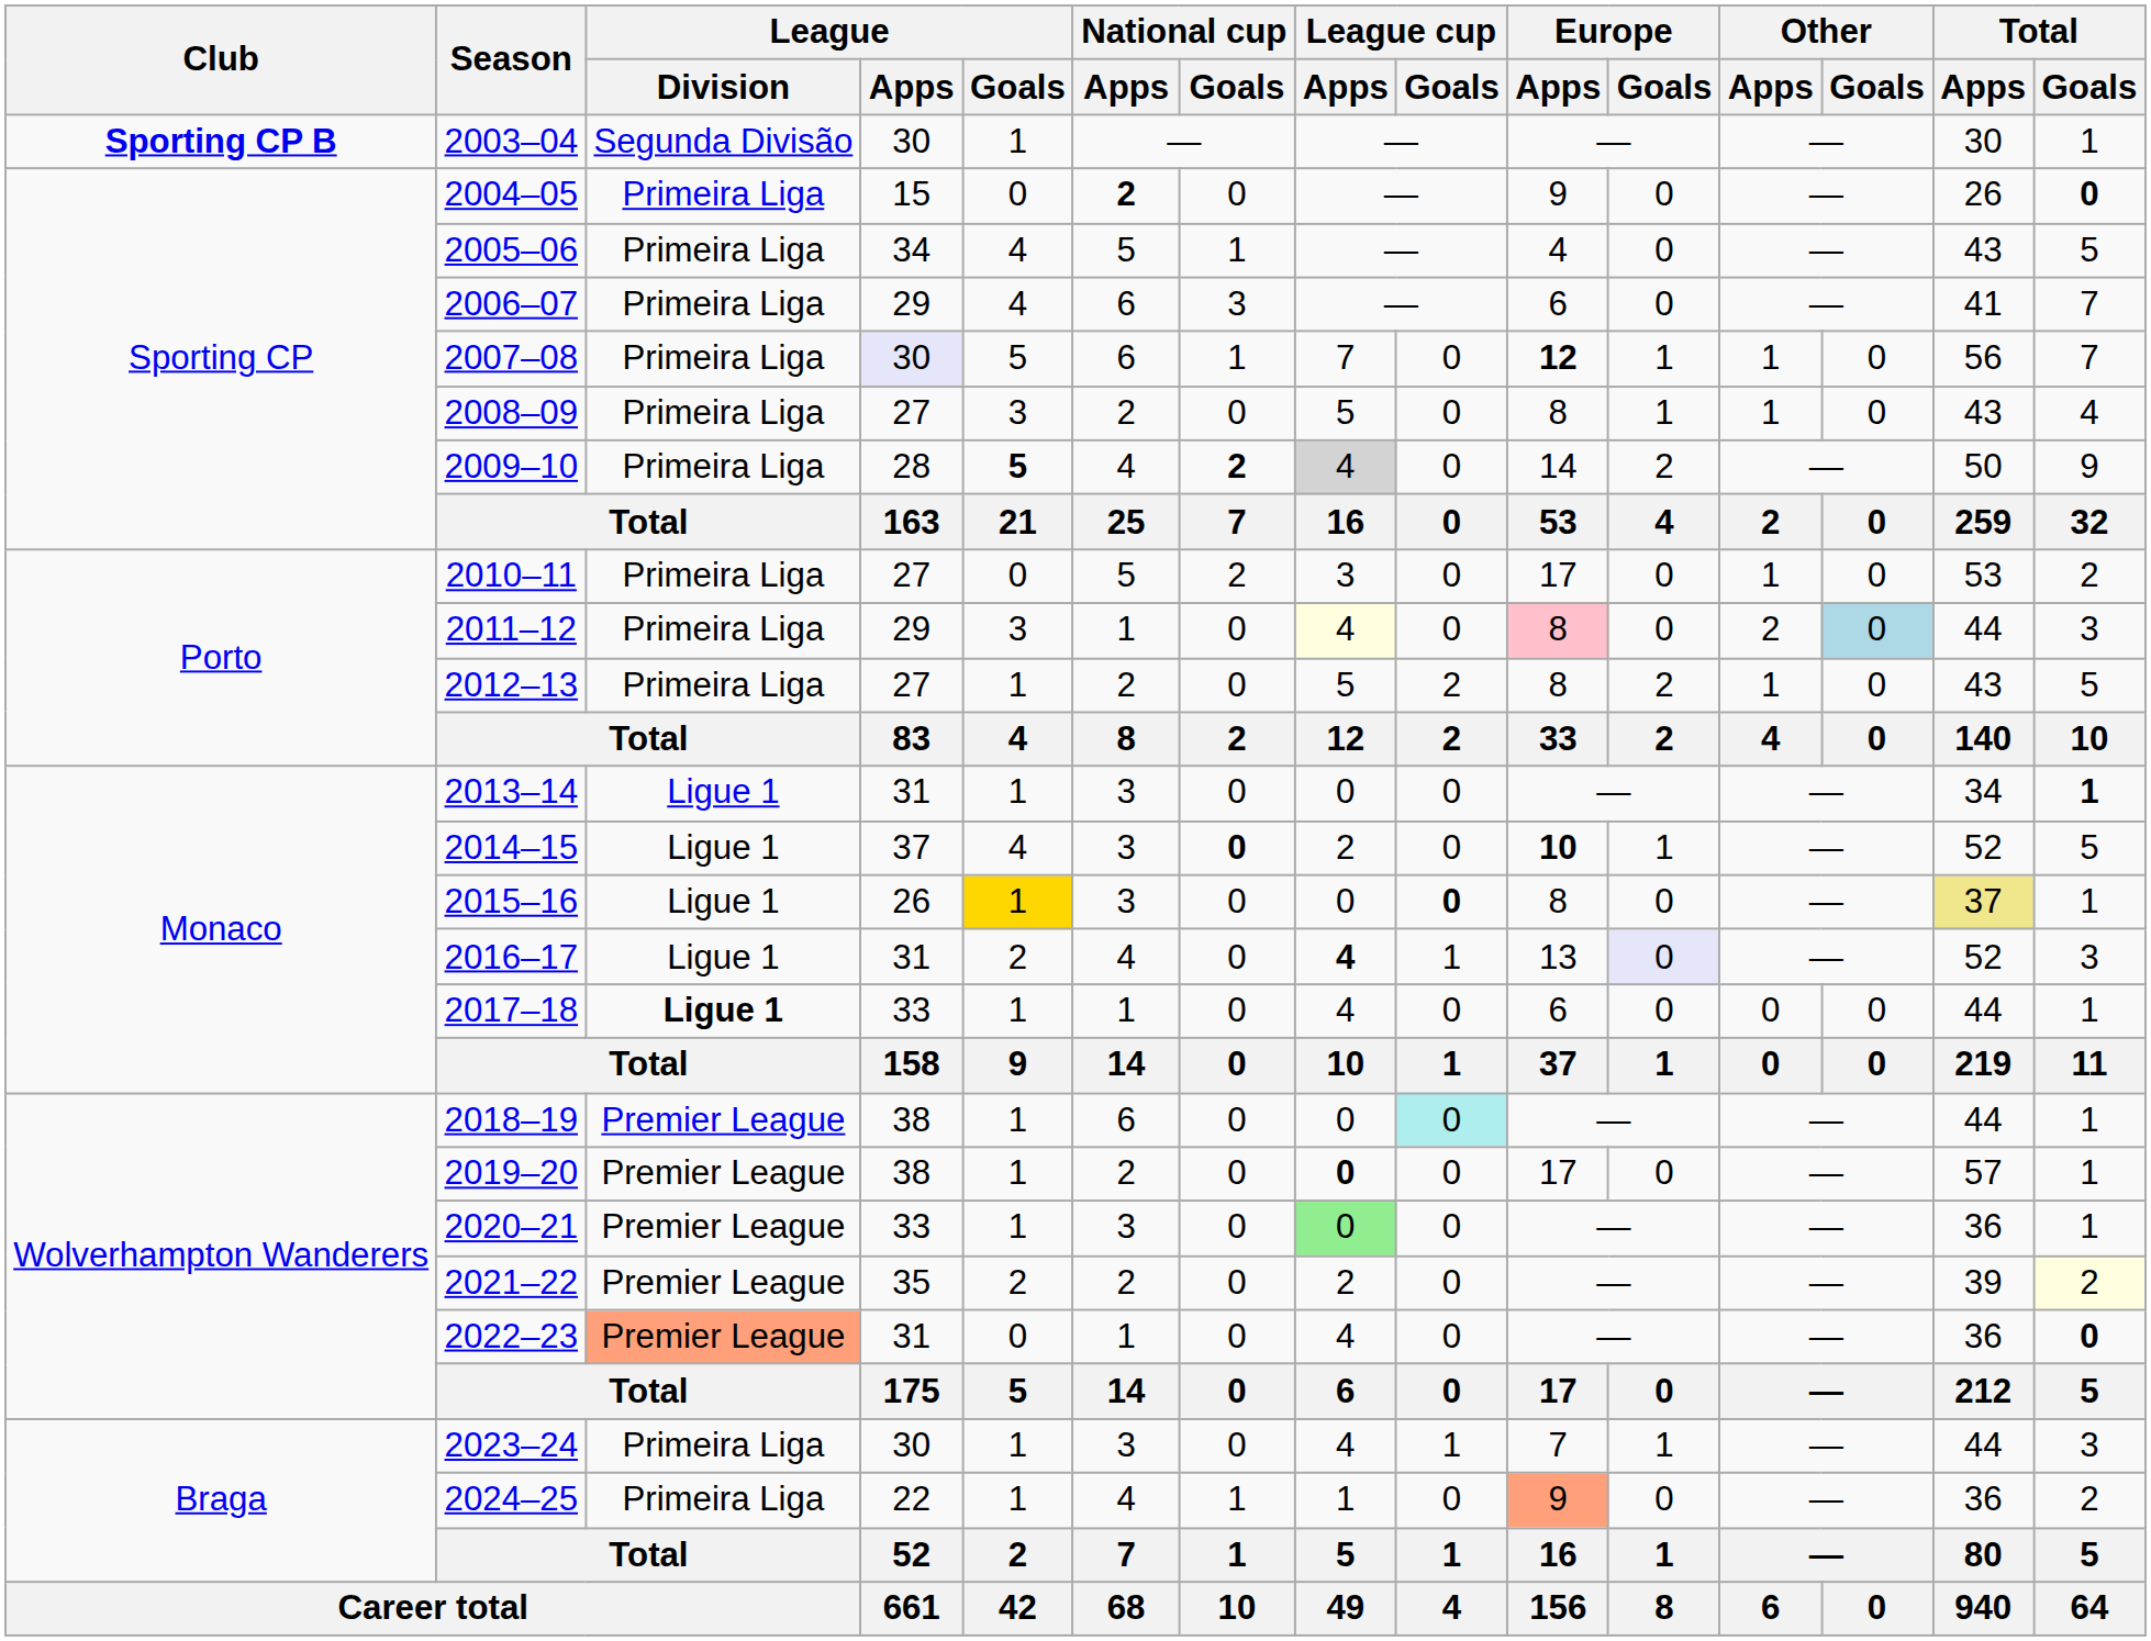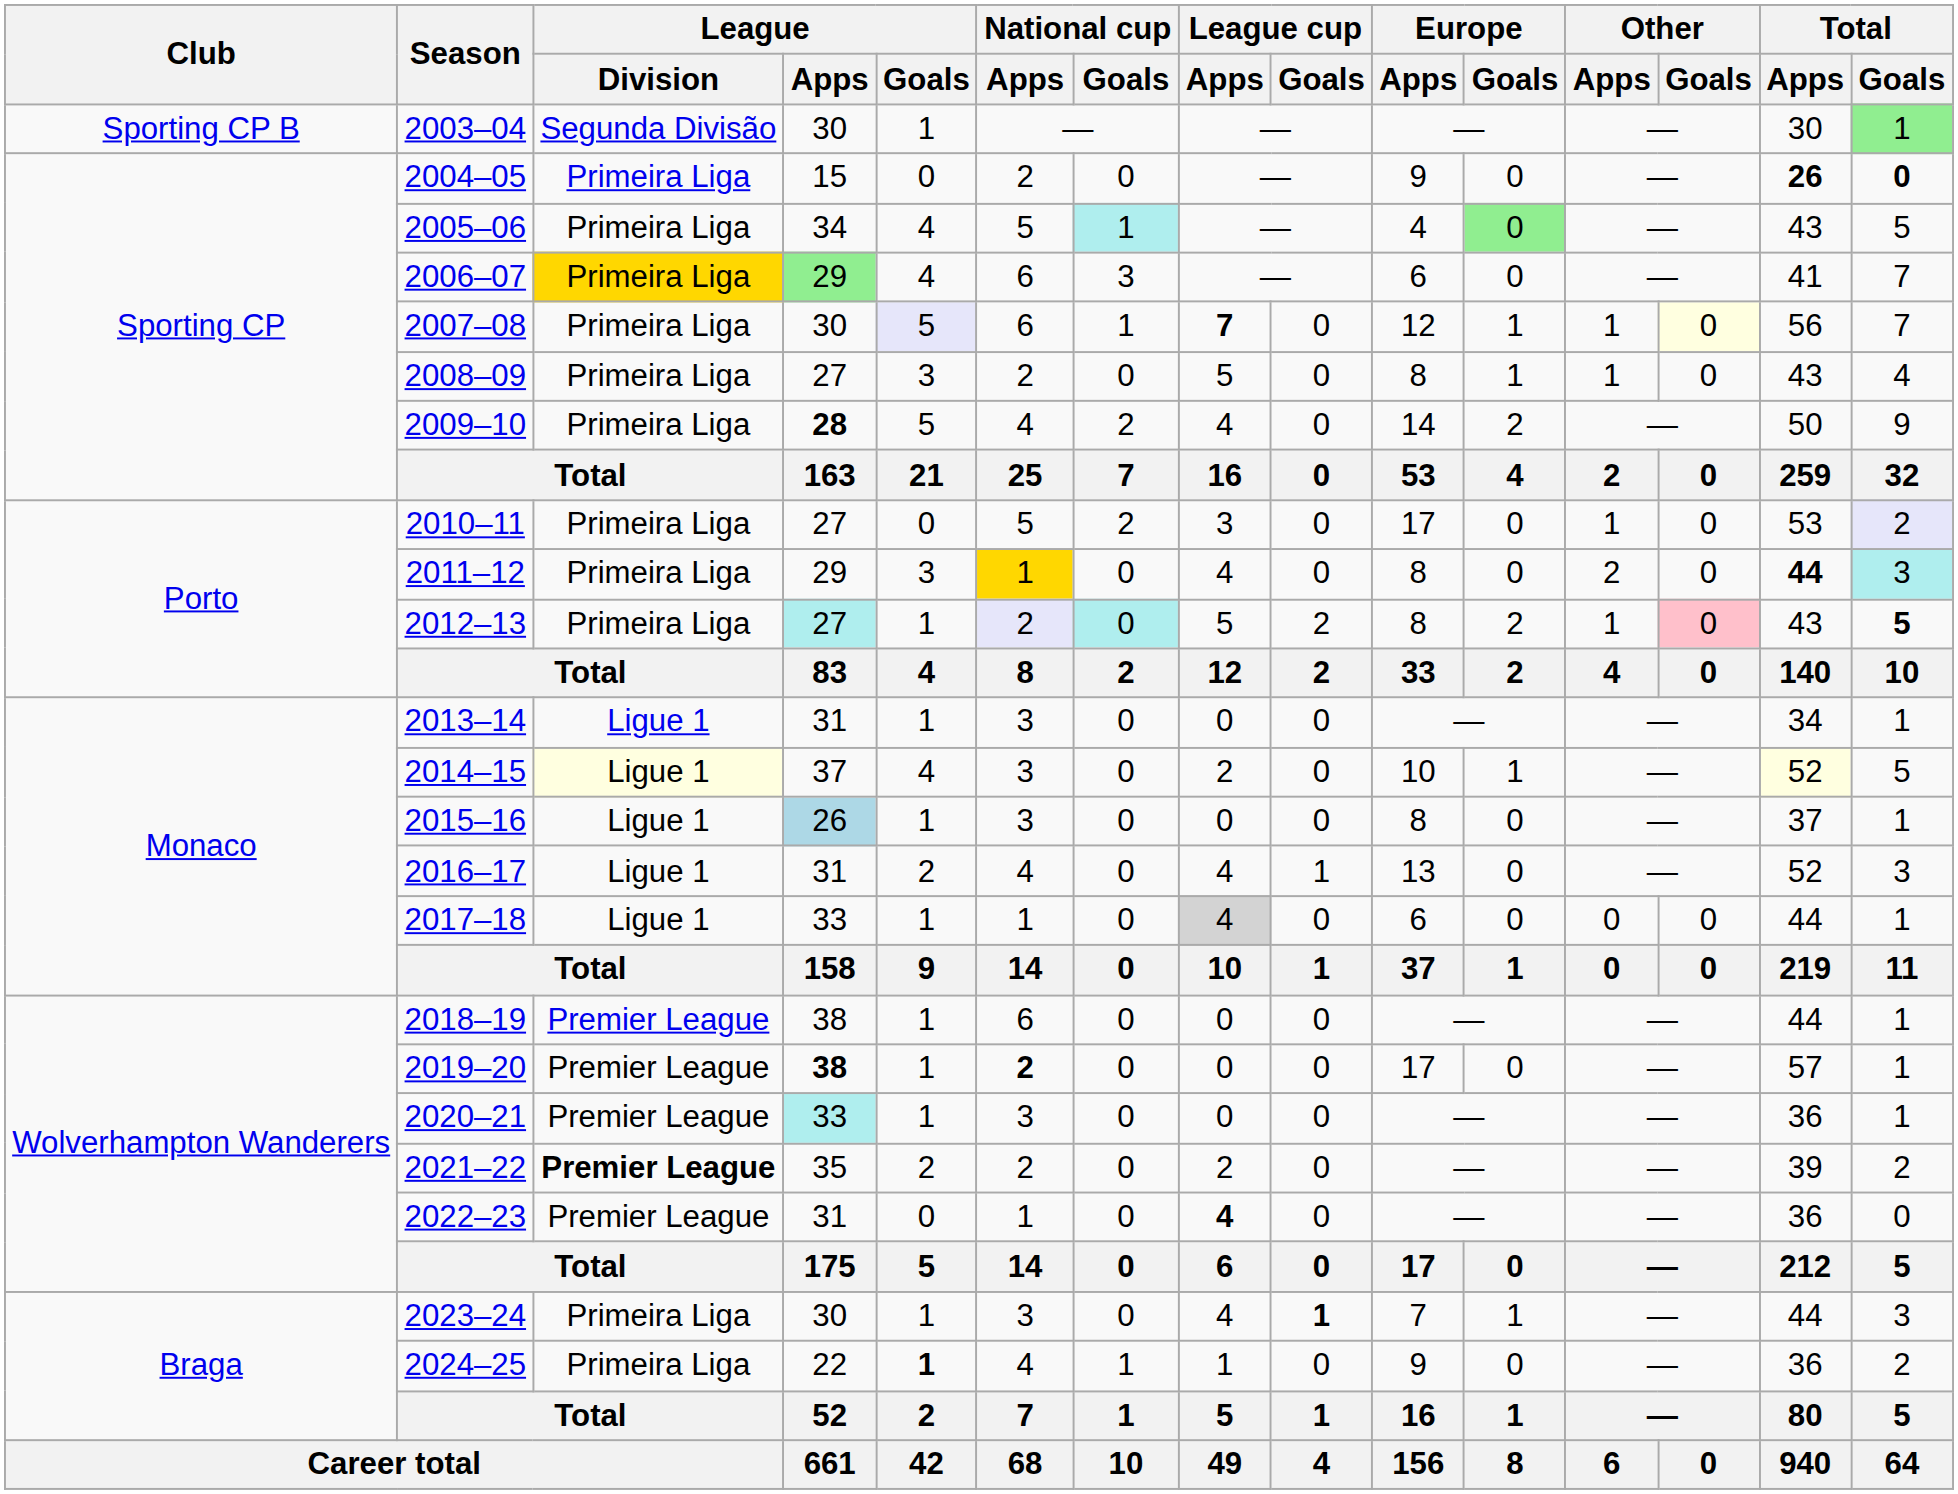 <table class="wikitable" style="text-align:center">
 <tr>
 <th rowspan="2">Club</th>
 <th rowspan="2">Season</th>
 <th colspan="3">League</th>
 <th colspan="2">National cup</th>
 <th colspan="2">League cup</th>
 <th colspan="2">Europe</th>
 <th colspan="2">Other</th>
 <th colspan="2">Total</th>
 </tr>
 <tr>
 <th>Division</th>
 <th>Apps</th>
 <th>Goals</th>
 <th>Apps</th>
 <th>Goals</th>
 <th>Apps</th>
 <th>Goals</th>
 <th>Apps</th>
 <th>Goals</th>
 <th>Apps</th>
 <th>Goals</th>
 <th>Apps</th>
 <th>Goals</th>
 </tr>
 <tr>
-<td><strong><a href='#'>Sporting CP B</a></strong></td>
+<td><a href='#'>Sporting CP B</a></td>
 <td><a href='#'>2003–04</a></td>
 <td><a href='#'>Segunda Divisão</a></td>
 <td>30</td>
 <td>1</td>
 <td colspan="2">—</td>
 <td colspan="2">—</td>
 <td colspan="2">—</td>
 <td colspan="2">—</td>
 <td>30</td>
-<td>1</td>
+<td style="background: lightgreen;">1</td>
 </tr>
 <tr>
 <td rowspan="7" valign="center"><a href='#'>Sporting CP</a></td>
 <td><a href='#'>2004–05</a></td>
 <td><a href='#'>Primeira Liga</a></td>
 <td>15</td>
 <td>0</td>
-<td><strong>2</strong></td>
+<td>2</td>
 <td>0</td>
 <td colspan="2">—</td>
 <td>9</td>
 <td>0</td>
 <td colspan="2">—</td>
-<td>26</td>
+<td><strong>26</strong></td>
 <td><strong>0</strong></td>
 </tr>
 <tr>
 <td><a href='#'>2005–06</a></td>
 <td>Primeira Liga</td>
 <td>34</td>
 <td>4</td>
 <td>5</td>
-<td>1</td>
+<td style="background: paleturquoise;">1</td>
 <td colspan="2">—</td>
 <td>4</td>
-<td>0</td>
+<td style="background: lightgreen;">0</td>
 <td colspan="2">—</td>
 <td>43</td>
 <td>5</td>
 </tr>
 <tr>
 <td><a href='#'>2006–07</a></td>
-<td>Primeira Liga</td>
-<td>29</td>
+<td style="background: gold;">Primeira Liga</td>
+<td style="background: lightgreen;">29</td>
 <td>4</td>
 <td>6</td>
 <td>3</td>
 <td colspan="2">—</td>
 <td>6</td>
 <td>0</td>
 <td colspan="2">—</td>
 <td>41</td>
 <td>7</td>
 </tr>
 <tr>
 <td><a href='#'>2007–08</a></td>
 <td>Primeira Liga</td>
-<td style="background: lavender;">30</td>
-<td>5</td>
+<td>30</td>
+<td style="background: lavender;">5</td>
 <td>6</td>
 <td>1</td>
-<td>7</td>
+<td><strong>7</strong></td>
 <td>0</td>
-<td><strong>12</strong></td>
+<td>12</td>
 <td>1</td>
 <td>1</td>
-<td>0</td>
+<td style="background: lightyellow;">0</td>
 <td>56</td>
 <td>7</td>
 </tr>
 <tr>
 <td><a href='#'>2008–09</a></td>
 <td>Primeira Liga</td>
 <td>27</td>
 <td>3</td>
 <td>2</td>
 <td>0</td>
 <td>5</td>
 <td>0</td>
 <td>8</td>
 <td>1</td>
 <td>1</td>
 <td>0</td>
 <td>43</td>
 <td>4</td>
 </tr>
 <tr>
 <td><a href='#'>2009–10</a></td>
 <td>Primeira Liga</td>
-<td>28</td>
-<td><strong>5</strong></td>
+<td><strong>28</strong></td>
+<td>5</td>
 <td>4</td>
-<td><strong>2</strong></td>
-<td style="background: lightgrey;">4</td>
+<td>2</td>
+<td>4</td>
 <td>0</td>
 <td>14</td>
 <td>2</td>
 <td colspan="2">—</td>
 <td>50</td>
 <td>9</td>
 </tr>
 <tr>
 <th colspan="2">Total</th>
 <th>163</th>
 <th>21</th>
 <th>25</th>
 <th>7</th>
 <th>16</th>
 <th>0</th>
 <th>53</th>
 <th>4</th>
 <th>2</th>
 <th>0</th>
 <th>259</th>
 <th>32</th>
 </tr>
 <tr>
 <td rowspan="4" valign="center"><a href='#'>Porto</a></td>
 <td><a href='#'>2010–11</a></td>
 <td>Primeira Liga</td>
 <td>27</td>
 <td>0</td>
 <td>5</td>
 <td>2</td>
 <td>3</td>
 <td>0</td>
 <td>17</td>
 <td>0</td>
 <td>1</td>
 <td>0</td>
 <td>53</td>
-<td>2</td>
+<td style="background: lavender;">2</td>
 </tr>
 <tr>
 <td><a href='#'>2011–12</a></td>
 <td>Primeira Liga</td>
 <td>29</td>
 <td>3</td>
-<td>1</td>
+<td style="background: gold;">1</td>
 <td>0</td>
-<td style="background: lightyellow;">4</td>
+<td>4</td>
 <td>0</td>
-<td style="background: pink;">8</td>
+<td>8</td>
 <td>0</td>
 <td>2</td>
-<td style="background: lightblue;">0</td>
-<td>44</td>
-<td>3</td>
+<td>0</td>
+<td><strong>44</strong></td>
+<td style="background: paleturquoise;">3</td>
 </tr>
 <tr>
 <td><a href='#'>2012–13</a></td>
 <td>Primeira Liga</td>
-<td>27</td>
+<td style="background: paleturquoise;">27</td>
 <td>1</td>
-<td>2</td>
-<td>0</td>
+<td style="background: lavender;">2</td>
+<td style="background: paleturquoise;">0</td>
 <td>5</td>
 <td>2</td>
 <td>8</td>
 <td>2</td>
 <td>1</td>
-<td>0</td>
+<td style="background: pink;">0</td>
 <td>43</td>
-<td>5</td>
+<td><strong>5</strong></td>
 </tr>
 <tr>
 <th colspan="2">Total</th>
 <th>83</th>
 <th>4</th>
 <th>8</th>
 <th>2</th>
 <th>12</th>
 <th>2</th>
 <th>33</th>
 <th>2</th>
 <th>4</th>
 <th>0</th>
 <th>140</th>
 <th>10</th>
 </tr>
 <tr>
 <td rowspan="6" valign="center"><a href='#'>Monaco</a></td>
 <td><a href='#'>2013–14</a></td>
 <td><a href='#'>Ligue 1</a></td>
 <td>31</td>
 <td>1</td>
 <td>3</td>
 <td>0</td>
 <td>0</td>
 <td>0</td>
 <td colspan="2">—</td>
 <td colspan="2">—</td>
 <td>34</td>
-<td><strong>1</strong></td>
+<td>1</td>
 </tr>
 <tr>
 <td><a href='#'>2014–15</a></td>
-<td>Ligue 1</td>
+<td style="background: lightyellow;">Ligue 1</td>
 <td>37</td>
 <td>4</td>
 <td>3</td>
-<td><strong>0</strong></td>
+<td>0</td>
 <td>2</td>
 <td>0</td>
-<td><strong>10</strong></td>
+<td>10</td>
 <td>1</td>
 <td colspan="2">—</td>
-<td>52</td>
+<td style="background: lightyellow;">52</td>
 <td>5</td>
 </tr>
 <tr>
 <td><a href='#'>2015–16</a></td>
 <td>Ligue 1</td>
-<td>26</td>
-<td style="background: gold;">1</td>
+<td style="background: lightblue;">26</td>
+<td>1</td>
 <td>3</td>
 <td>0</td>
 <td>0</td>
-<td><strong>0</strong></td>
+<td>0</td>
 <td>8</td>
 <td>0</td>
 <td colspan="2">—</td>
-<td style="background: khaki;">37</td>
+<td>37</td>
 <td>1</td>
 </tr>
 <tr>
 <td><a href='#'>2016–17</a></td>
 <td>Ligue 1</td>
 <td>31</td>
 <td>2</td>
 <td>4</td>
 <td>0</td>
-<td><strong>4</strong></td>
+<td>4</td>
 <td>1</td>
 <td>13</td>
-<td style="background: lavender;">0</td>
+<td>0</td>
 <td colspan="2">—</td>
 <td>52</td>
 <td>3</td>
 </tr>
 <tr>
 <td><a href='#'>2017–18</a></td>
-<td><strong>Ligue 1</strong></td>
+<td>Ligue 1</td>
 <td>33</td>
 <td>1</td>
 <td>1</td>
 <td>0</td>
-<td>4</td>
+<td style="background: lightgrey;">4</td>
 <td>0</td>
 <td>6</td>
 <td>0</td>
 <td>0</td>
 <td>0</td>
 <td>44</td>
 <td>1</td>
 </tr>
 <tr>
 <th colspan="2">Total</th>
 <th>158</th>
 <th>9</th>
 <th>14</th>
 <th>0</th>
 <th>10</th>
 <th>1</th>
 <th>37</th>
 <th>1</th>
 <th>0</th>
 <th>0</th>
 <th>219</th>
 <th>11</th>
 </tr>
 <tr>
 <td rowspan="6" valign="center"><a href='#'>Wolverhampton Wanderers</a></td>
 <td><a href='#'>2018–19</a></td>
 <td><a href='#'>Premier League</a></td>
 <td>38</td>
 <td>1</td>
 <td>6</td>
 <td>0</td>
 <td>0</td>
-<td style="background: paleturquoise;">0</td>
+<td>0</td>
 <td colspan="2">—</td>
 <td colspan="2">—</td>
 <td>44</td>
 <td>1</td>
 </tr>
 <tr>
 <td><a href='#'>2019–20</a></td>
 <td>Premier League</td>
-<td>38</td>
+<td><strong>38</strong></td>
 <td>1</td>
-<td>2</td>
+<td><strong>2</strong></td>
 <td>0</td>
-<td><strong>0</strong></td>
+<td>0</td>
 <td>0</td>
 <td>17</td>
 <td>0</td>
 <td colspan="2">—</td>
 <td>57</td>
 <td>1</td>
 </tr>
 <tr>
 <td><a href='#'>2020–21</a></td>
 <td>Premier League</td>
-<td>33</td>
+<td style="background: paleturquoise;">33</td>
 <td>1</td>
 <td>3</td>
 <td>0</td>
-<td style="background: lightgreen;">0</td>
+<td>0</td>
 <td>0</td>
 <td colspan="2">—</td>
 <td colspan="2">—</td>
 <td>36</td>
 <td>1</td>
 </tr>
 <tr>
 <td><a href='#'>2021–22</a></td>
-<td>Premier League</td>
+<td><strong>Premier League</strong></td>
 <td>35</td>
 <td>2</td>
 <td>2</td>
 <td>0</td>
 <td>2</td>
 <td>0</td>
 <td colspan="2">—</td>
 <td colspan="2">—</td>
 <td>39</td>
-<td style="background: lightyellow;">2</td>
+<td>2</td>
 </tr>
 <tr>
 <td><a href='#'>2022–23</a></td>
-<td style="background: lightsalmon;">Premier League</td>
+<td>Premier League</td>
 <td>31</td>
 <td>0</td>
 <td>1</td>
 <td>0</td>
-<td>4</td>
+<td><strong>4</strong></td>
 <td>0</td>
 <td colspan="2">—</td>
 <td colspan="2">—</td>
 <td>36</td>
-<td><strong>0</strong></td>
+<td>0</td>
 </tr>
 <tr>
 <th colspan="2">Total</th>
 <th>175</th>
 <th>5</th>
 <th>14</th>
 <th>0</th>
 <th>6</th>
 <th>0</th>
 <th>17</th>
 <th>0</th>
 <th colspan="2">—</th>
 <th>212</th>
 <th>5</th>
 </tr>
 <tr>
 <td rowspan="3"><a href='#'>Braga</a></td>
 <td><a href='#'>2023–24</a></td>
 <td>Primeira Liga</td>
 <td>30</td>
 <td>1</td>
 <td>3</td>
 <td>0</td>
 <td>4</td>
-<td>1</td>
+<td><strong>1</strong></td>
 <td>7</td>
 <td>1</td>
 <td colspan="2">—</td>
 <td>44</td>
 <td>3</td>
 </tr>
 <tr>
 <td><a href='#'>2024–25</a></td>
 <td>Primeira Liga</td>
 <td>22</td>
-<td>1</td>
+<td><strong>1</strong></td>
 <td>4</td>
 <td>1</td>
 <td>1</td>
 <td>0</td>
-<td style="background: lightsalmon;">9</td>
+<td>9</td>
 <td>0</td>
 <td colspan="2">—</td>
 <td>36</td>
 <td>2</td>
 </tr>
 <tr>
 <th colspan="2">Total</th>
 <th>52</th>
 <th>2</th>
 <th>7</th>
 <th>1</th>
 <th>5</th>
 <th>1</th>
 <th>16</th>
 <th>1</th>
 <th colspan="2">—</th>
 <th>80</th>
 <th>5</th>
 </tr>
 <tr>
 <th colspan="3">Career total</th>
 <th>661</th>
 <th>42</th>
 <th>68</th>
 <th>10</th>
 <th>49</th>
 <th>4</th>
 <th>156</th>
 <th>8</th>
 <th>6</th>
 <th>0</th>
 <th>940</th>
 <th>64</th>
 </tr>
 </table>
